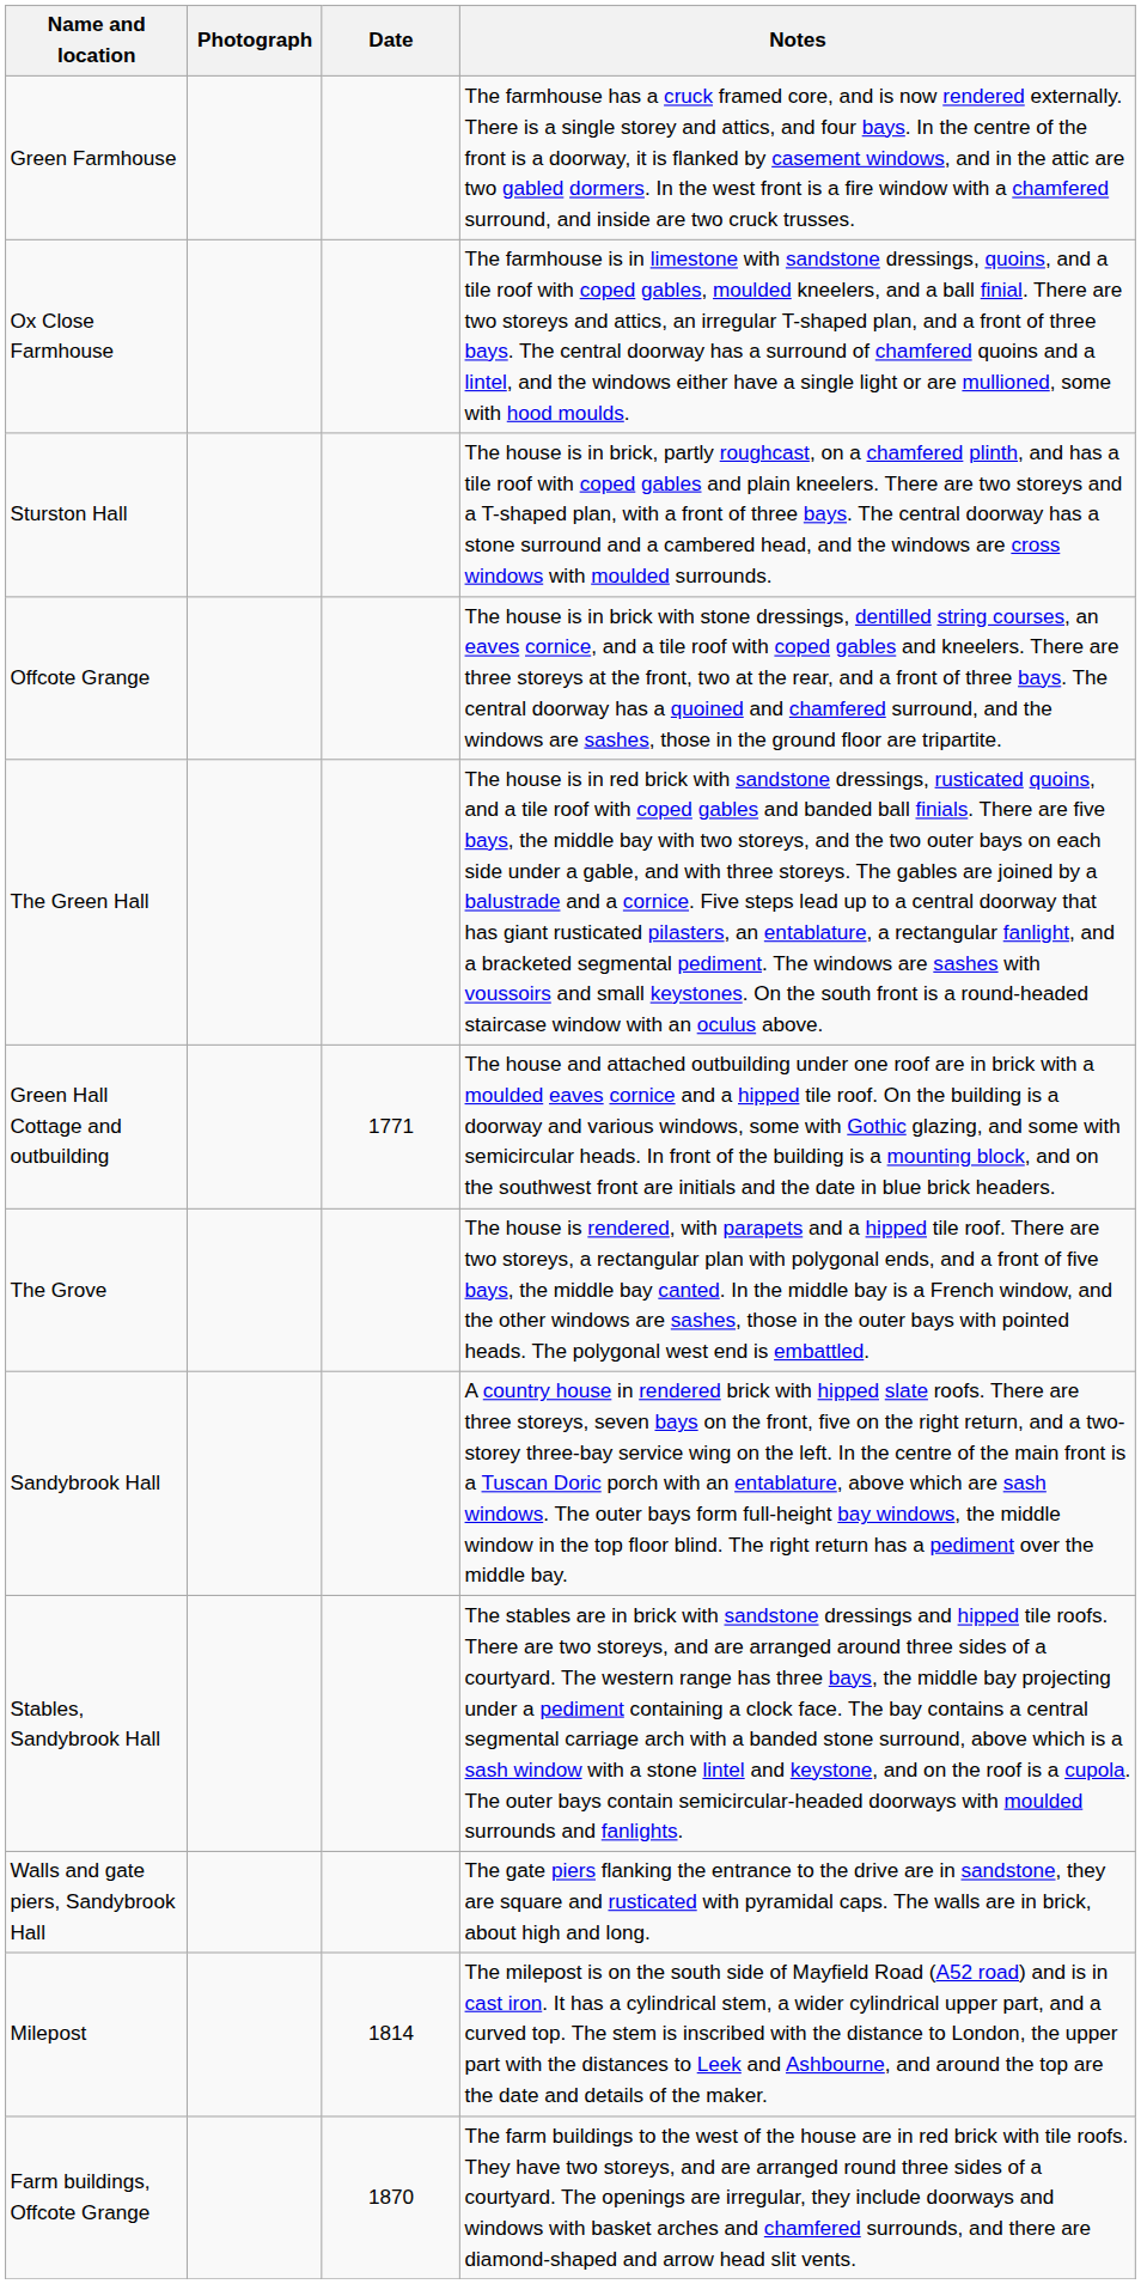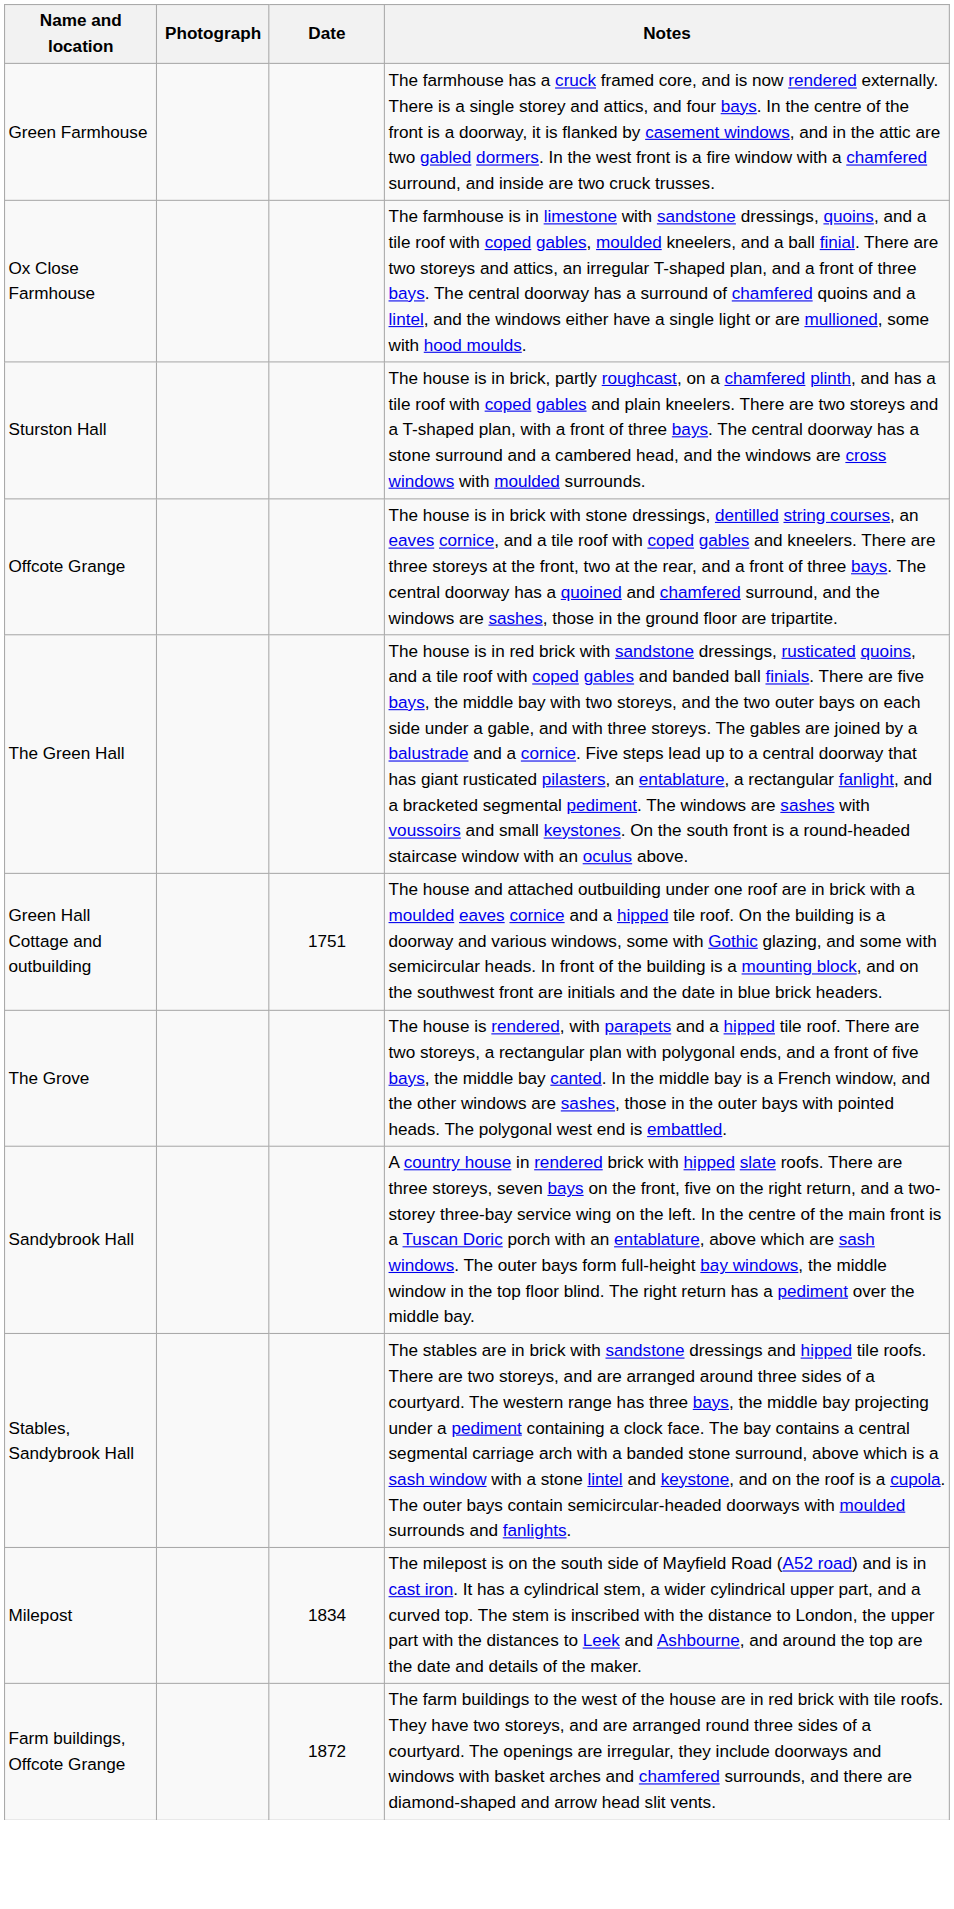 <table class="wikitable sortable plainrowheaders" style="width:100%;border:0px;text-align:left;line-height:150%;">
 <tr>
 <th scope="col" style="width:150px">Name and location</th>
 <th scope="col" style="width:100px" class="unsortable">Photograph</th>
 <th scope="col" style="width:120px">Date</th>
 <th scope="col" style="width:650px" class="unsortable">Notes</th>
 </tr>
 <tr>
 <td>Green Farmhouse<br><small></small></td>
 <td></td>
 <td align="center"></td>
 <td>The farmhouse has a <a href='#'>cruck</a> framed core, and is now <a href='#'>rendered</a> externally. There is a single storey and attics, and four <a href='#'>bays</a>. In the centre of the front is a doorway, it is flanked by <a href='#'>casement windows</a>, and in the attic are two <a href='#'>gabled</a> <a href='#'>dormers</a>. In the west front is a fire window with a <a href='#'>chamfered</a> surround, and inside are two cruck trusses.</td>
 </tr>
 <tr>
 <td>Ox Close Farmhouse<br><small></small></td>
 <td></td>
 <td align="center"></td>
 <td>The farmhouse is in <a href='#'>limestone</a> with <a href='#'>sandstone</a> dressings, <a href='#'>quoins</a>, and a tile roof with <a href='#'>coped</a> <a href='#'>gables</a>, <a href='#'>moulded</a> kneelers, and a ball <a href='#'>finial</a>. There are two storeys and attics, an irregular T-shaped plan, and a front of three <a href='#'>bays</a>. The central doorway has a surround of <a href='#'>chamfered</a> quoins and a <a href='#'>lintel</a>, and the windows either have a single light or are <a href='#'>mullioned</a>, some with <a href='#'>hood moulds</a>.</td>
 </tr>
 <tr>
 <td>Sturston Hall<br><small></small></td>
 <td></td>
 <td align="center"></td>
 <td>The house is in brick, partly <a href='#'>roughcast</a>, on a <a href='#'>chamfered</a> <a href='#'>plinth</a>, and has a tile roof with <a href='#'>coped</a> <a href='#'>gables</a> and plain kneelers. There are two storeys and a T-shaped plan, with a front of three <a href='#'>bays</a>. The central doorway has a stone surround and a cambered head, and the windows are <a href='#'>cross windows</a> with <a href='#'>moulded</a> surrounds.</td>
 </tr>
 <tr>
 <td>Offcote Grange<br><small></small></td>
 <td></td>
 <td align="center"></td>
 <td>The house is in brick with stone dressings, <a href='#'>dentilled</a> <a href='#'>string courses</a>, an <a href='#'>eaves</a> <a href='#'>cornice</a>, and a tile roof with <a href='#'>coped</a> <a href='#'>gables</a> and kneelers. There are three storeys at the front, two at the rear, and a front of three <a href='#'>bays</a>. The central doorway has a <a href='#'>quoined</a> and <a href='#'>chamfered</a> surround, and the windows are <a href='#'>sashes</a>, those in the ground floor are tripartite.</td>
 </tr>
 <tr>
 <td>The Green Hall<br><small></small></td>
 <td></td>
 <td align="center"></td>
 <td>The house is in red brick with <a href='#'>sandstone</a> dressings, <a href='#'>rusticated</a> <a href='#'>quoins</a>, and a tile roof with <a href='#'>coped</a> <a href='#'>gables</a> and banded ball <a href='#'>finials</a>. There are five <a href='#'> bays</a>, the middle bay with two storeys, and the two outer bays on each side under a gable, and with three storeys. The gables are joined by a <a href='#'>balustrade</a> and a <a href='#'>cornice</a>. Five steps lead up to a central doorway that has giant rusticated <a href='#'>pilasters</a>, an <a href='#'>entablature</a>, a rectangular <a href='#'>fanlight</a>, and a bracketed segmental <a href='#'>pediment</a>. The windows are <a href='#'>sashes</a> with <a href='#'>voussoirs</a> and small <a href='#'>keystones</a>. On the south front is a round-headed staircase window with an <a href='#'>oculus</a> above.</td>
 </tr>
 <tr>
 <td>Green Hall Cottage and outbuilding<br><small></small></td>
 <td></td>
-<td align="center">1771</td>
+<td align="center">1751</td>
 <td>The house and attached outbuilding under one roof are in brick with a <a href='#'>moulded</a> <a href='#'>eaves</a> <a href='#'>cornice</a> and a <a href='#'>hipped</a> tile roof. On the building is a doorway and various windows, some with <a href='#'>Gothic</a> glazing, and some with semicircular heads. In front of the building is a <a href='#'>mounting block</a>, and on the southwest front are initials and the date in blue brick headers.</td>
 </tr>
 <tr>
 <td>The Grove<br><small></small></td>
 <td></td>
 <td align="center"></td>
 <td>The house is <a href='#'>rendered</a>, with <a href='#'>parapets</a> and a <a href='#'>hipped</a> tile roof. There are two storeys, a rectangular plan with polygonal ends, and a front of five <a href='#'>bays</a>, the middle bay <a href='#'>canted</a>. In the middle bay is a French window, and the other windows are <a href='#'>sashes</a>, those in the outer bays with pointed heads. The polygonal west end is <a href='#'>embattled</a>.</td>
 </tr>
 <tr>
 <td>Sandybrook Hall<br><small></small></td>
 <td></td>
 <td align="center"></td>
 <td>A <a href='#'>country house</a> in <a href='#'>rendered</a> brick with <a href='#'>hipped</a> <a href='#'>slate</a> roofs. There are three storeys, seven <a href='#'>bays</a> on the front, five on the right return, and a two-storey three-bay service wing on the left. In the centre of the main front is a <a href='#'>Tuscan Doric</a> porch with an <a href='#'>entablature</a>, above which are <a href='#'>sash windows</a>. The outer bays form full-height <a href='#'>bay windows</a>, the middle window in the top floor blind. The right return has a <a href='#'>pediment</a> over the middle bay.</td>
 </tr>
 <tr>
 <td>Stables, Sandybrook Hall<br><small></small></td>
 <td></td>
 <td align="center"></td>
 <td>The stables are in brick with <a href='#'>sandstone</a> dressings and <a href='#'>hipped</a> tile roofs. There are two storeys, and are arranged around three sides of a courtyard. The western range has three <a href='#'>bays</a>, the middle bay projecting under a <a href='#'>pediment</a> containing a clock face. The bay contains a central segmental carriage arch with a banded stone surround, above which is a <a href='#'>sash window</a> with a stone <a href='#'>lintel</a> and <a href='#'>keystone</a>, and on the roof is a <a href='#'>cupola</a>. The outer bays contain semicircular-headed doorways with <a href='#'>moulded</a> surrounds and <a href='#'>fanlights</a>.</td>
 </tr>
 <tr>
-<td>Walls and gate piers, Sandybrook Hall<br><small></small></td>
-<td></td>
-<td align="center"></td>
-<td>The gate <a href='#'>piers</a> flanking the entrance to the drive are in <a href='#'>sandstone</a>, they are square and <a href='#'>rusticated</a> with pyramidal caps. The walls are in brick, about  high and  long.</td>
-</tr>
-<tr>
 <td>Milepost<br><small></small></td>
 <td></td>
-<td align="center">1814</td>
+<td align="center">1834</td>
 <td>The milepost is on the south side of Mayfield Road (<a href='#'>A52 road</a>) and is in <a href='#'>cast iron</a>. It has a cylindrical stem, a wider cylindrical upper part, and a curved top. The stem is inscribed with the distance to London, the upper part with the distances to <a href='#'>Leek</a> and <a href='#'>Ashbourne</a>, and around the top are the date and details of the maker.</td>
 </tr>
 <tr>
 <td>Farm buildings, Offcote Grange<br><small></small></td>
 <td></td>
-<td align="center">1870</td>
+<td align="center">1872</td>
 <td>The farm buildings to the west of the house are in red brick with tile roofs. They have two storeys, and are arranged round three sides of a courtyard. The openings are irregular, they include doorways and windows with basket arches and <a href='#'>chamfered</a> surrounds, and there are diamond-shaped and arrow head slit vents.</td>
 </tr>
 <tr>
 </tr>
 </table>
